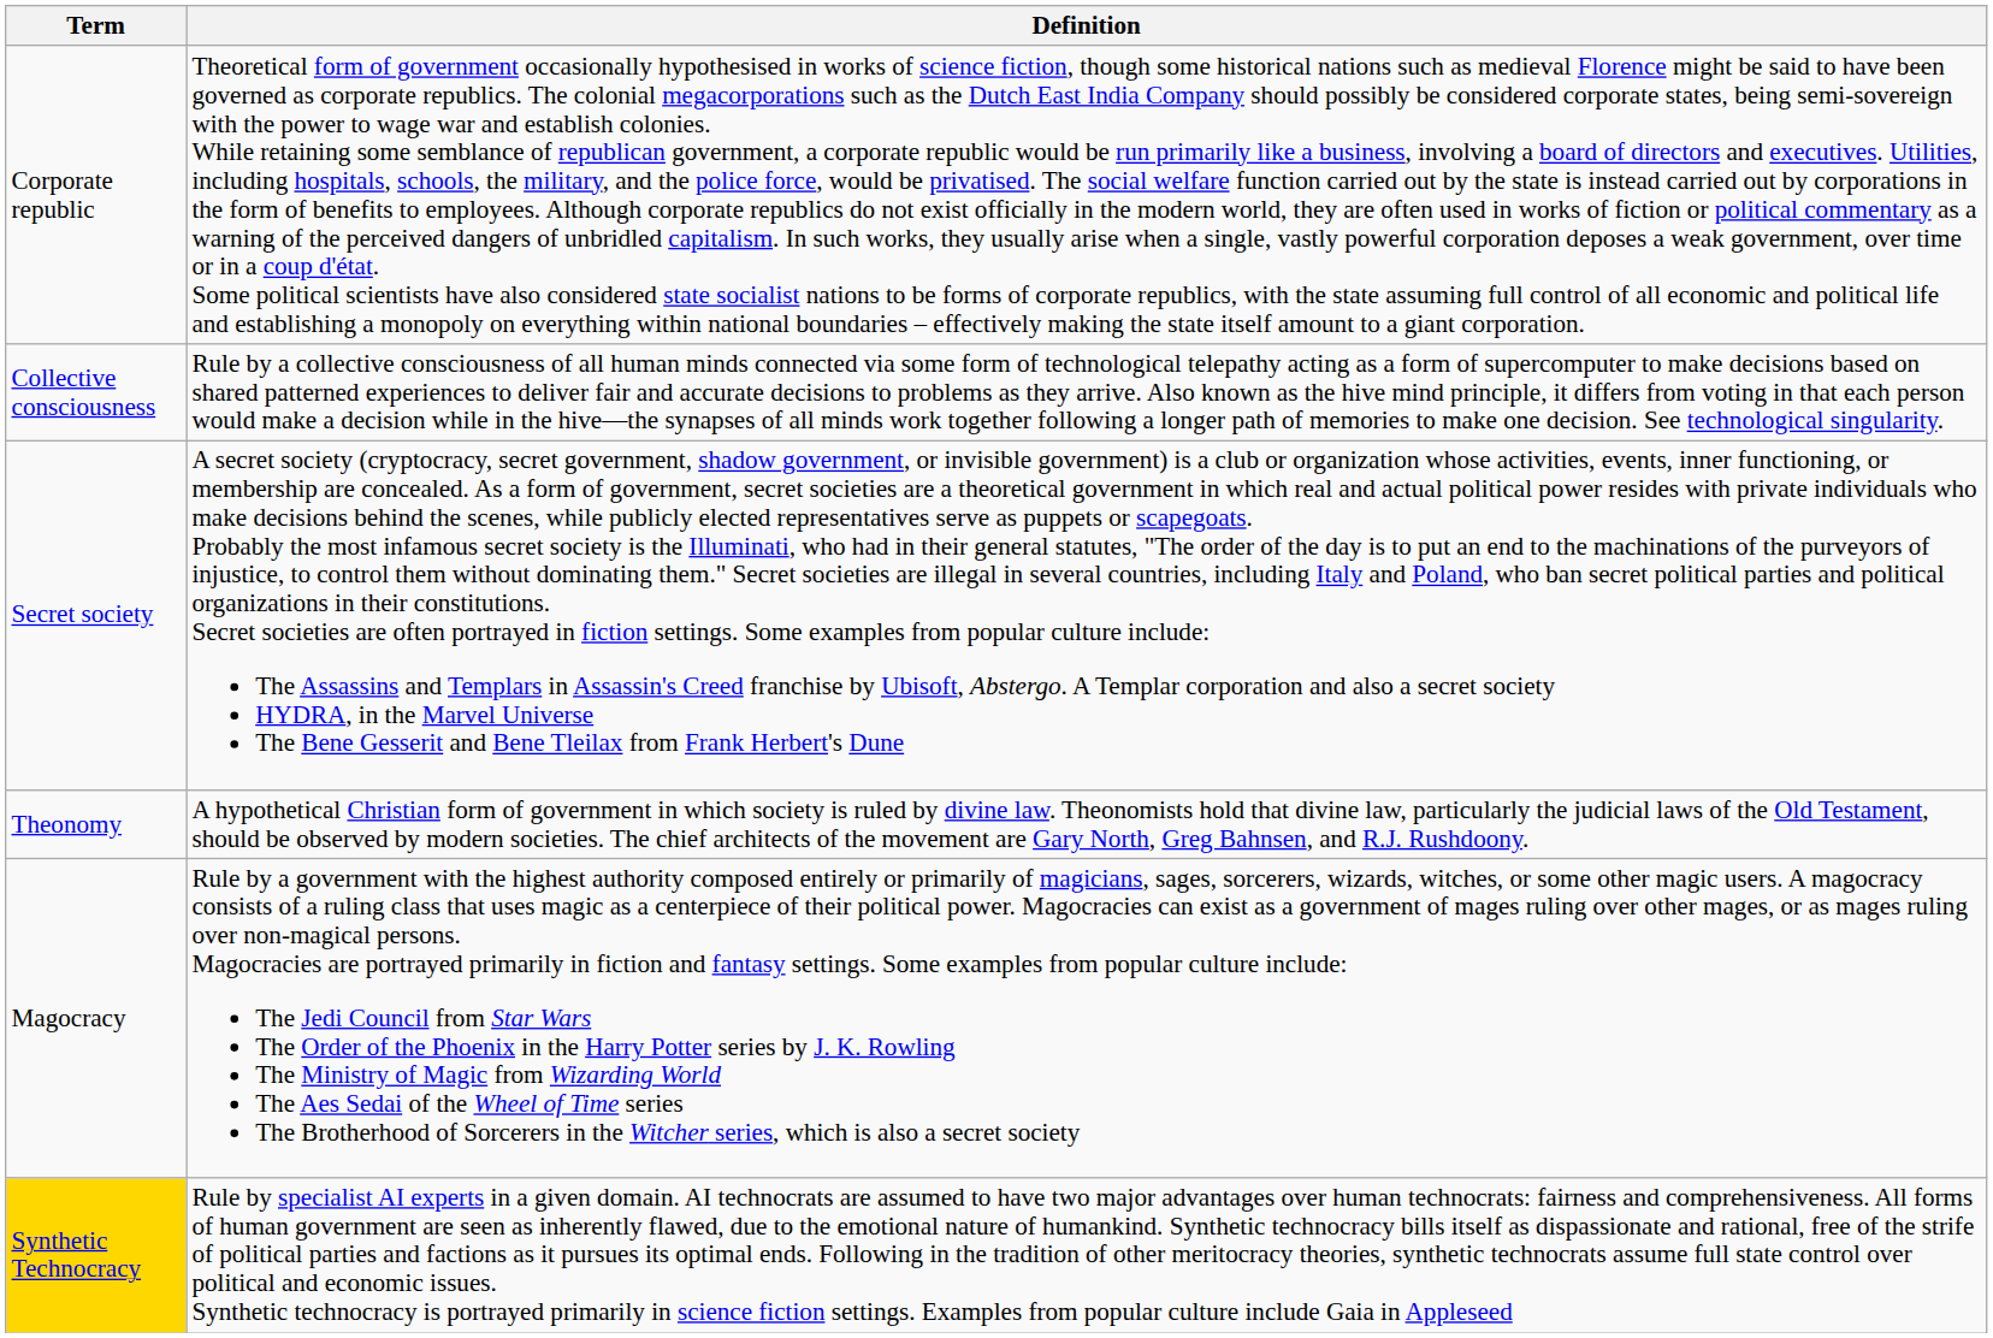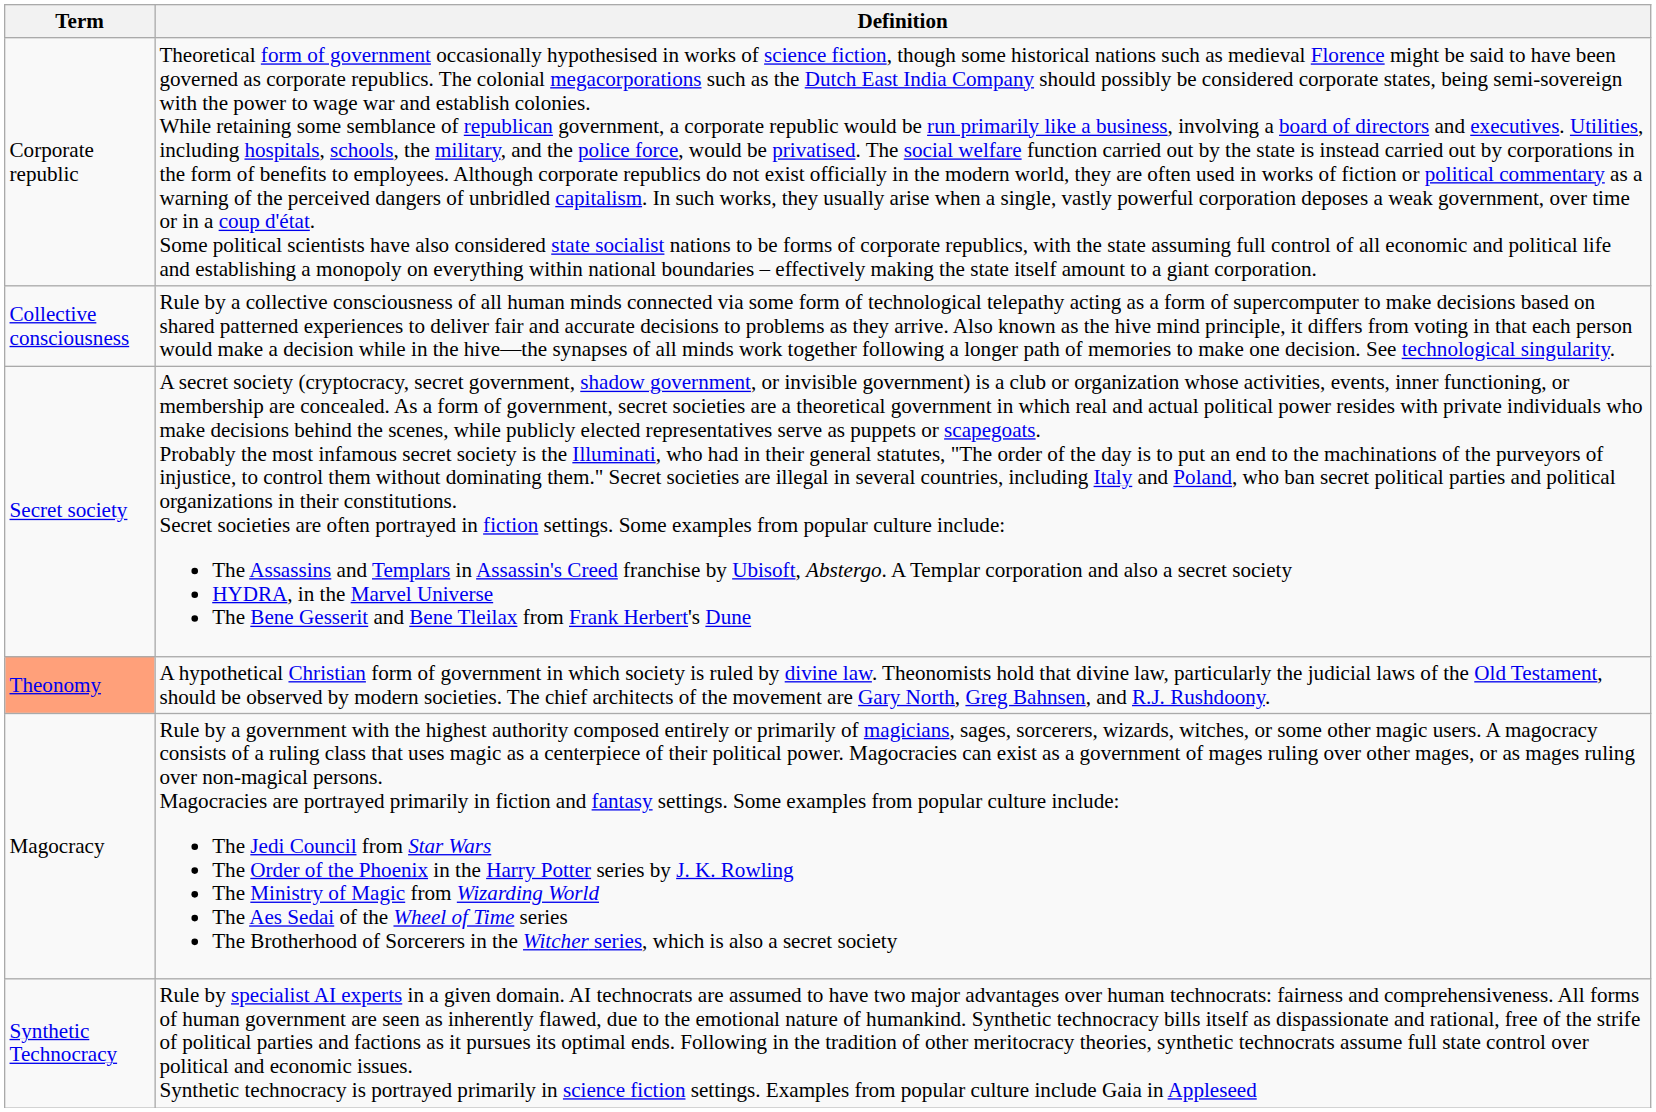 <table class="wikitable sortable">
 <tr>
 <th>Term</th>
 <th>Definition</th>
 </tr>
 <tr>
 <td>Corporate republic</td>
 <td>Theoretical <a href='#'>form of government</a> occasionally hypothesised in works of <a href='#'>science fiction</a>, though some historical nations such as medieval <a href='#'>Florence</a> might be said to have been governed as corporate republics. The colonial <a href='#'>megacorporations</a> such as the <a href='#'>Dutch East India Company</a> should possibly be considered corporate states, being semi-sovereign with the power to wage war and establish colonies.<br>While retaining some semblance of <a href='#'>republican</a> government, a corporate republic would be <a href='#'>run primarily like a business</a>, involving a <a href='#'>board of directors</a> and <a href='#'>executives</a>. <a href='#'>Utilities</a>, including <a href='#'>hospitals</a>, <a href='#'>schools</a>, the <a href='#'>military</a>, and the <a href='#'>police force</a>, would be <a href='#'>privatised</a>. The <a href='#'>social welfare</a> function carried out by the state is instead carried out by corporations in the form of benefits to employees. Although corporate republics do not exist officially in the modern world, they are often used in works of fiction or <a href='#'>political commentary</a> as a warning of the perceived dangers of unbridled <a href='#'>capitalism</a>. In such works, they usually arise when a single, vastly powerful corporation deposes a weak government, over time or in a <a href='#'>coup d'état</a>.<br>Some political scientists have also considered <a href='#'>state socialist</a> nations to be forms of corporate republics, with the state assuming full control of all economic and political life and establishing a monopoly on everything within national boundaries – effectively making the state itself amount to a giant corporation.</td>
 </tr>
 <tr>
 <td><a href='#'>Collective consciousness</a></td>
 <td>Rule by a collective consciousness of all human minds connected via some form of technological telepathy acting as a form of supercomputer to make decisions based on shared patterned experiences to deliver fair and accurate decisions to problems as they arrive. Also known as the hive mind principle, it differs from voting in that each person would make a decision while in the hive—the synapses of all minds work together following a longer path of memories to make one decision. See <a href='#'>technological singularity</a>.</td>
 </tr>
 <tr>
 <td><a href='#'>Secret society</a></td>
 <td>A secret society (cryptocracy, secret government, <a href='#'>shadow government</a>, or invisible government) is a club or organization whose activities, events, inner functioning, or membership are concealed. As a form of government, secret societies are a theoretical government in which real and actual political power resides with private individuals who make decisions behind the scenes, while publicly elected representatives serve as puppets or <a href='#'>scapegoats</a>.<br>Probably the most infamous secret society is the <a href='#'>Illuminati</a>, who had in their general statutes, "The order of the day is to put an end to the machinations of the purveyors of injustice, to control them without dominating them." Secret societies are illegal in several countries, including <a href='#'>Italy</a> and <a href='#'>Poland</a>, who ban secret political parties and political organizations in their constitutions.<br>Secret societies are often portrayed in <a href='#'>fiction</a> settings. Some examples from popular culture include:<ul><li>The <a href='#'>Assassins</a> and <a href='#'>Templars</a> in <a href='#'>Assassin's Creed</a> franchise by <a href='#'>Ubisoft</a>, <em>Abstergo</em>. A Templar corporation and also a secret society</li><li><a href='#'>HYDRA</a>, in the <a href='#'>Marvel Universe</a></li><li>The <a href='#'>Bene Gesserit</a> and <a href='#'>Bene Tleilax</a> from <a href='#'>Frank Herbert</a>'s <a href='#'>Dune</a></li></ul></td>
 </tr>
 <tr>
-<td><a href='#'>Theonomy</a></td>
+<td style="background: lightsalmon;"><a href='#'>Theonomy</a></td>
 <td>A hypothetical <a href='#'>Christian</a> form of government in which society is ruled by <a href='#'>divine law</a>. Theonomists hold that divine law, particularly the judicial laws of the <a href='#'>Old Testament</a>, should be observed by modern societies. The chief architects of the movement are <a href='#'>Gary North</a>, <a href='#'>Greg Bahnsen</a>, and <a href='#'>R.J. Rushdoony</a>.</td>
 </tr>
 <tr>
 <td>Magocracy</td>
 <td>Rule by a government with the highest authority composed entirely or primarily of <a href='#'>magicians</a>, sages, sorcerers, wizards, witches, or some other magic users. A magocracy consists of a ruling class that uses magic as a centerpiece of their political power. Magocracies can exist as a government of mages ruling over other mages, or as mages ruling over non-magical persons.<br>Magocracies are portrayed primarily in fiction and <a href='#'>fantasy</a> settings. Some examples from popular culture include:<ul><li>The <a href='#'>Jedi Council</a> from <em><a href='#'>Star Wars</a></em></li><li>The <a href='#'>Order of the Phoenix</a> in the <a href='#'>Harry Potter</a> series by <a href='#'>J. K. Rowling</a></li><li>The <a href='#'>Ministry of Magic</a> from <em><a href='#'>Wizarding World</a></em></li><li>The <a href='#'>Aes Sedai</a> of the <em><a href='#'>Wheel of Time</a></em> series</li><li>The Brotherhood of Sorcerers in the <a href='#'><em>Witcher</em> series</a>, which is also a secret society</li></ul></td>
 </tr>
 <tr>
-<td style="background: gold;"><a href='#'>Synthetic Technocracy</a></td>
+<td><a href='#'>Synthetic Technocracy</a></td>
 <td>Rule by <a href='#'>specialist AI experts</a> in a given domain. AI technocrats are assumed to have two major advantages over human technocrats: fairness and comprehensiveness. All forms of human government are seen as inherently flawed, due to the emotional nature of humankind. Synthetic technocracy bills itself as dispassionate and rational, free of the strife of political parties and factions as it pursues its optimal ends. Following in the tradition of other meritocracy theories, synthetic technocrats assume full state control over political and economic issues.<br>Synthetic technocracy is portrayed primarily in <a href='#'>science fiction</a> settings. Examples from popular culture include Gaia in <a href='#'>Appleseed</a></td>
 </tr>
 </table>
